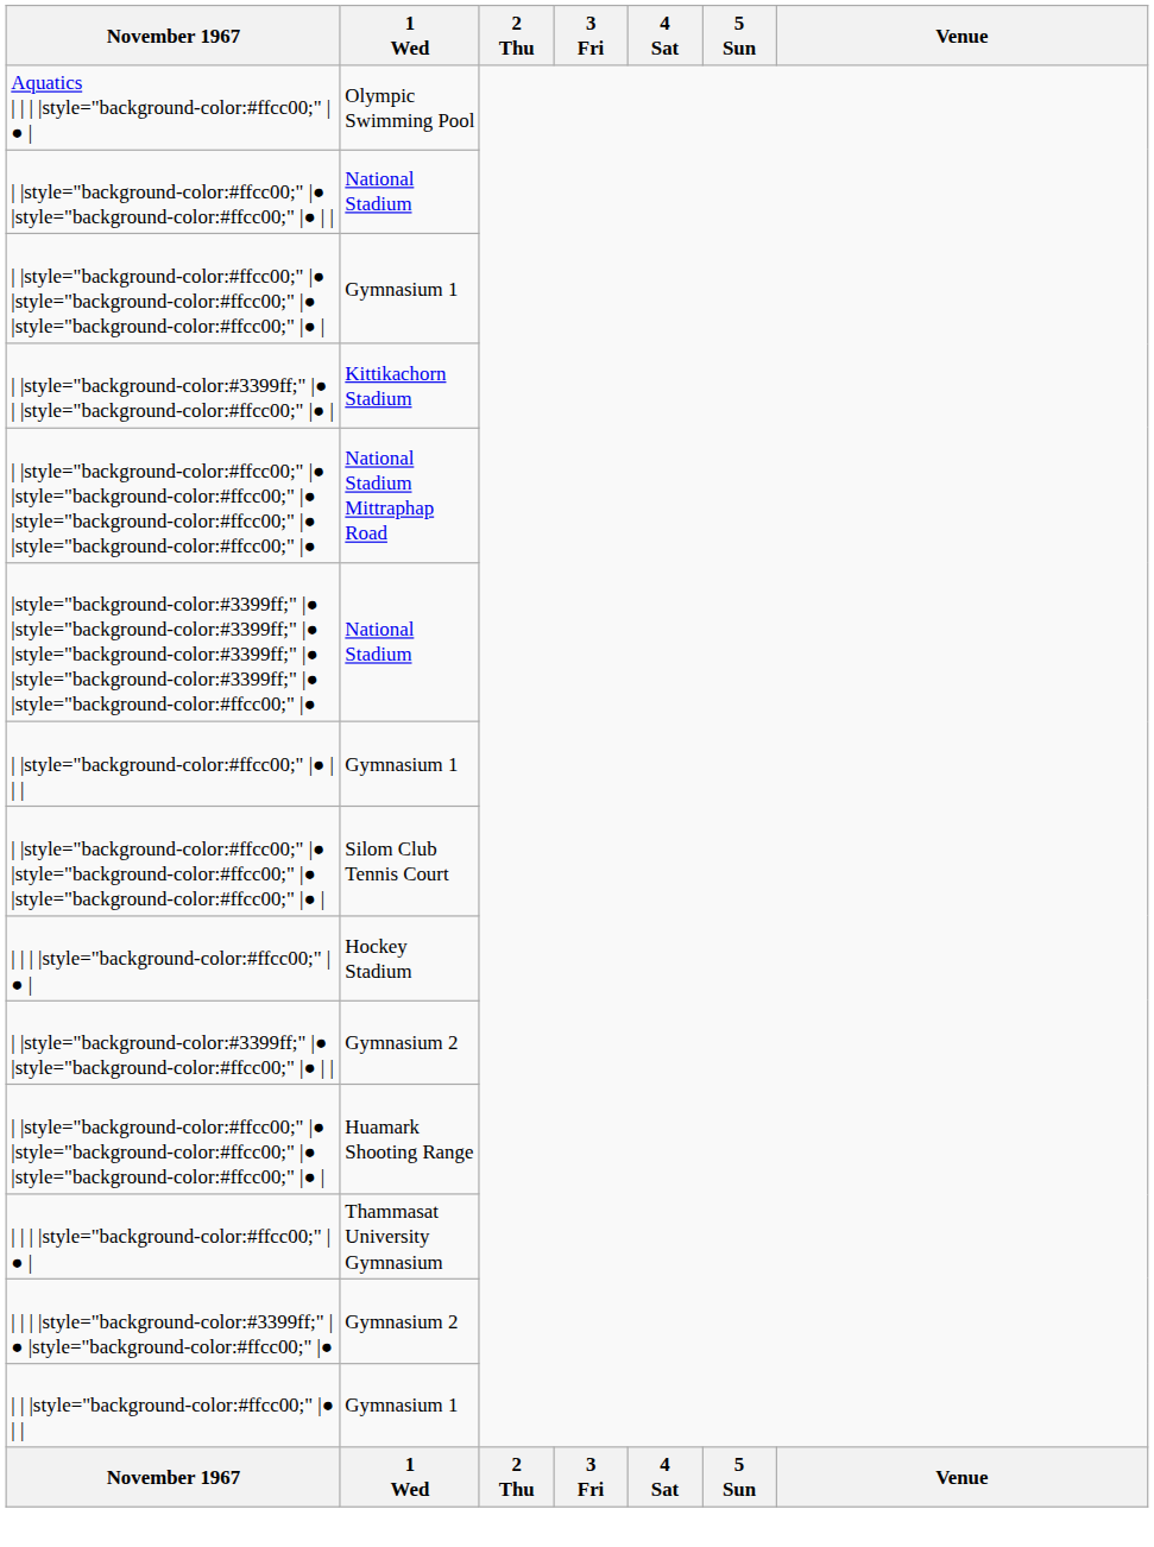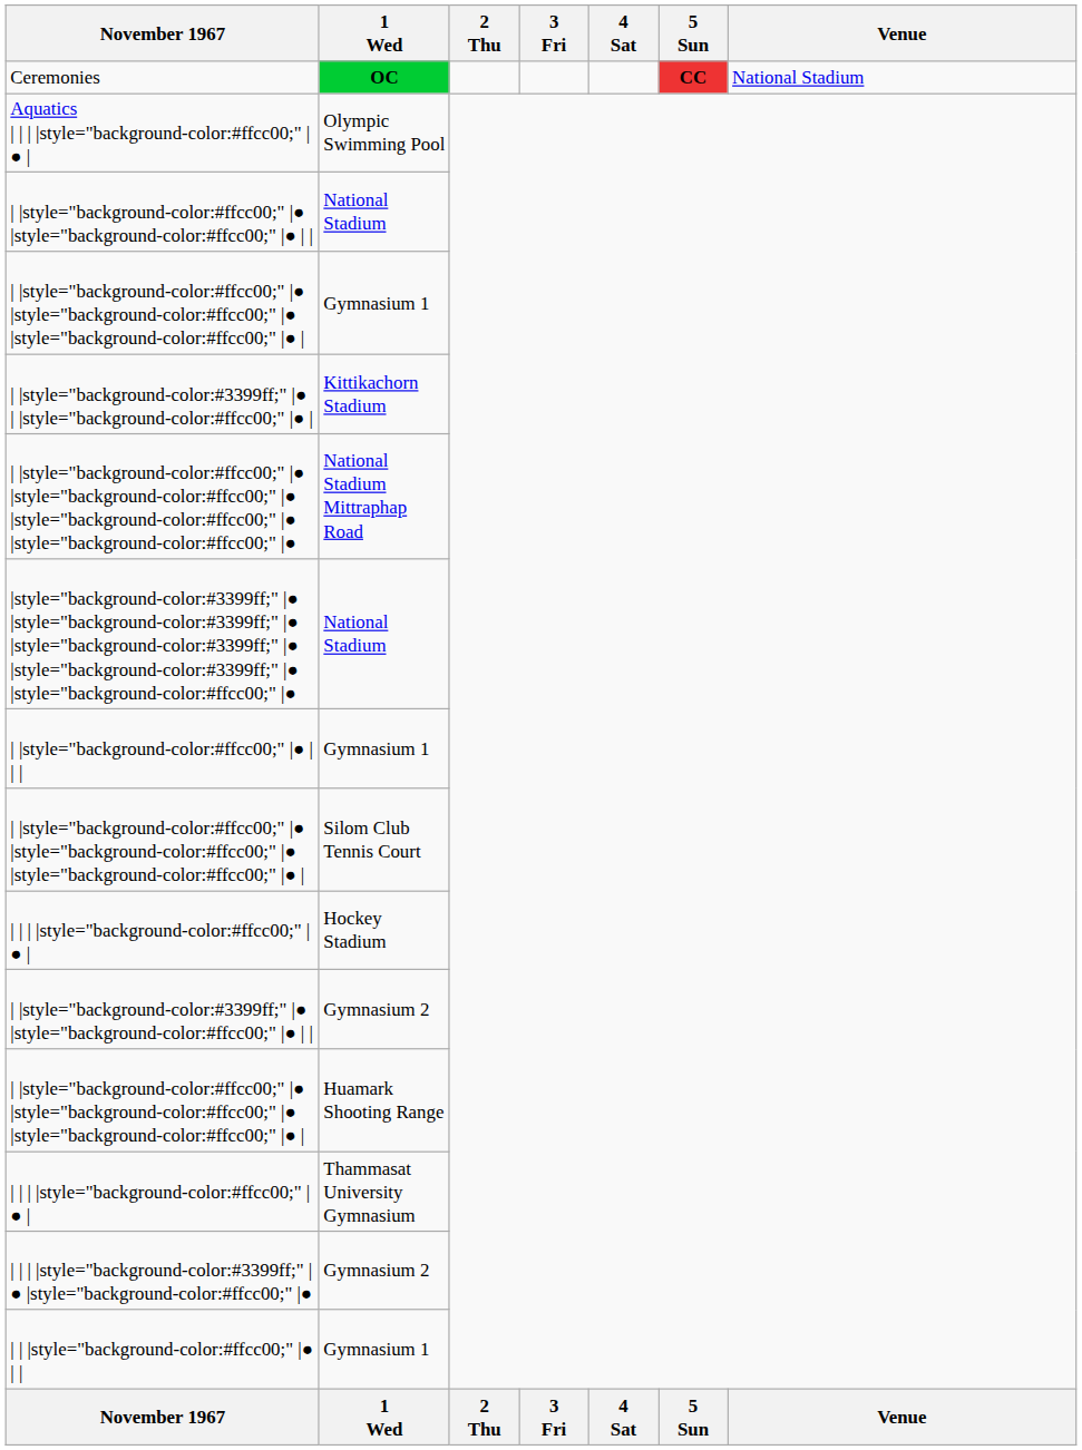 <table class="wikitable" style="margin:0.5em auto; font-size:90%; line-height:1.25em;width:65%;">
 <tr>
 <th style="width:18%;">November 1967</th>
 <th style="width:4%;">1<br>Wed</th>
 <th style="width:4%;">2<br>Thu</th>
 <th style="width:4%;">3<br>Fri</th>
 <th style="width:4%;">4<br>Sat</th>
 <th style="width:4%;">5<br>Sun</th>
 <th style="width:20%;">Venue</th>
+</tr>
+<tr>
+<td style="text-align:left;">Ceremonies</td>
+<td style="background-color:#00cc33;text-align:center;"><strong>OC</strong></td>
+<td></td>
+<td></td>
+<td></td>
+<td style="background-color:#ee3333;text-align:center;"><strong>CC</strong></td>
+<td><a href='#'>National Stadium</a></td>
 </tr>
 <tr style="text-align:center;">
 <td style="text-align:left;"> <a href='#'>Aquatics</a><br>| | | |style="background-color:#ffcc00;" |● |</td>
 <td style="text-align:left;">Olympic Swimming Pool</td>
 </tr>
 <tr style="text-align:center;">
 <td style="text-align:left;"><br>| |style="background-color:#ffcc00;" |● |style="background-color:#ffcc00;" |● | |</td>
 <td style="text-align:left;"><a href='#'>National Stadium</a></td>
 </tr>
 <tr style="text-align:center;">
 <td style="text-align:left;"><br>| |style="background-color:#ffcc00;" |● |style="background-color:#ffcc00;" |● |style="background-color:#ffcc00;" |● |</td>
 <td style="text-align:left;">Gymnasium 1</td>
 </tr>
 <tr style="text-align:center;">
 <td style="text-align:left;"><br>| |style="background-color:#3399ff;" |● | |style="background-color:#ffcc00;" |● |</td>
 <td style="text-align:left;"><a href='#'>Kittikachorn Stadium</a></td>
 </tr>
 <tr style="text-align:center;">
 <td style="text-align:left;"><br>| |style="background-color:#ffcc00;" |● |style="background-color:#ffcc00;" |● |style="background-color:#ffcc00;" |● |style="background-color:#ffcc00;" |●</td>
 <td style="text-align:left;"><a href='#'>National Stadium</a><br><a href='#'>Mittraphap Road</a></td>
 </tr>
 <tr style="text-align:center;">
 <td style="text-align:left;"><br>|style="background-color:#3399ff;" |● |style="background-color:#3399ff;" |● |style="background-color:#3399ff;" |● |style="background-color:#3399ff;" |● |style="background-color:#ffcc00;" |●</td>
 <td style="text-align:left;"><a href='#'>National Stadium</a></td>
 </tr>
 <tr style="text-align:center;">
 <td style="text-align:left;"><br>| |style="background-color:#ffcc00;" |● | | |</td>
 <td style="text-align:left;">Gymnasium 1</td>
 </tr>
 <tr style="text-align:center;">
 <td style="text-align:left;"><br>| |style="background-color:#ffcc00;" |● |style="background-color:#ffcc00;" |● |style="background-color:#ffcc00;" |● |</td>
 <td style="text-align:left;">Silom Club Tennis Court</td>
 </tr>
 <tr style="text-align:center;">
 <td style="text-align:left;"><br>| | | |style="background-color:#ffcc00;" |● |</td>
 <td style="text-align:left;">Hockey Stadium</td>
 </tr>
 <tr style="text-align:center;">
 <td style="text-align:left;"><br>| |style="background-color:#3399ff;" |● |style="background-color:#ffcc00;" |● | |</td>
 <td style="text-align:left;">Gymnasium 2</td>
 </tr>
 <tr style="text-align:center;">
 <td style="text-align:left;"><br>| |style="background-color:#ffcc00;" |● |style="background-color:#ffcc00;" |● |style="background-color:#ffcc00;" |● |</td>
 <td style="text-align:left;">Huamark Shooting Range</td>
 </tr>
 <tr style="text-align:center;">
 <td style="text-align:left;"><br>| | | |style="background-color:#ffcc00;" |● |</td>
 <td style="text-align:left;">Thammasat University Gymnasium</td>
 </tr>
 <tr style="text-align:center;">
 <td style="text-align:left;"><br>| | | |style="background-color:#3399ff;" |● |style="background-color:#ffcc00;" |●</td>
 <td style="text-align:left;">Gymnasium 2</td>
 </tr>
 <tr style="text-align:center;">
 <td style="text-align:left;"><br>| | |style="background-color:#ffcc00;" |● | |</td>
 <td style="text-align:left;">Gymnasium 1</td>
 </tr>
 <tr>
 <th style="width:18%;">November 1967</th>
 <th style="width:4%;">1<br>Wed</th>
 <th style="width:4%;">2<br>Thu</th>
 <th style="width:4%;">3<br>Fri</th>
 <th style="width:4%;">4<br>Sat</th>
 <th style="width:4%;">5<br>Sun</th>
 <th style="width:20%;">Venue</th>
 </tr>
 </table>
